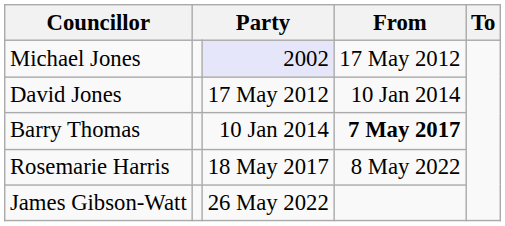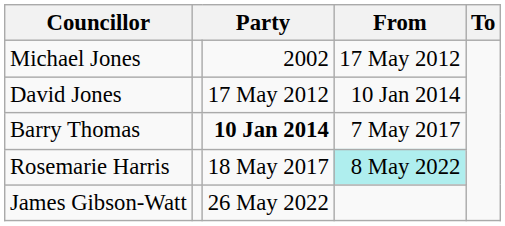 <table class=wikitable>
 <tr>
 <th>Councillor</th>
 <th colspan=2>Party</th>
 <th>From</th>
 <th>To</th>
 </tr>
 <tr>
 <td>Michael Jones</td>
 <td></td>
-<td align=right style="background: lavender;">2002</td>
+<td align=right>2002</td>
 <td align=right>17 May 2012</td>
 </tr>
 <tr>
 <td>David Jones</td>
 <td></td>
 <td align=right>17 May 2012</td>
 <td align=right>10 Jan 2014</td>
 </tr>
 <tr>
 <td>Barry Thomas</td>
 <td></td>
-<td align=right>10 Jan 2014</td>
-<td align=right><strong>7 May 2017</strong></td>
+<td align=right><strong>10 Jan 2014</strong></td>
+<td align=right>7 May 2017</td>
 </tr>
 <tr>
 <td>Rosemarie Harris</td>
 <td></td>
 <td align=right>18 May 2017</td>
-<td align=right>8 May 2022</td>
+<td align=right style="background: paleturquoise;">8 May 2022</td>
 </tr>
 <tr>
 <td>James Gibson-Watt</td>
 <td></td>
 <td align=right>26 May 2022</td>
 <td align=right></td>
 </tr>
 </table>
